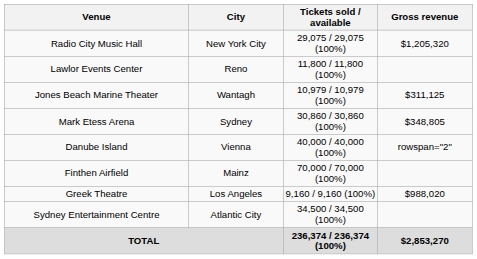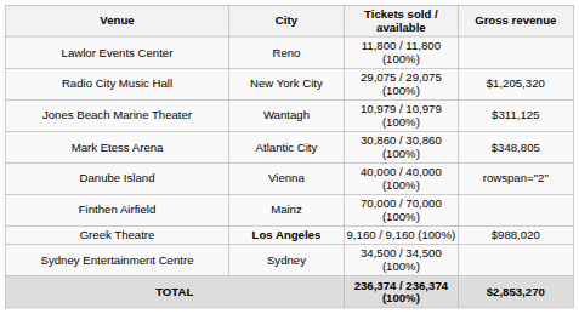 <table class="wikitable" style="text-align:center;">
 <tr>
 <th style="width:300px;">Venue</th>
 <th style="width:150px;">City</th>
 <th style="width:150px;">Tickets sold / available</th>
 <th style="width:150px;">Gross revenue</th>
 </tr>
 <tr>
+<td>Lawlor Events Center</td>
+<td>Reno</td>
+<td>11,800 / 11,800 (100%)</td>
+<td></td>
+</tr>
+<tr>
 <td>Radio City Music Hall</td>
 <td>New York City</td>
 <td>29,075 / 29,075 (100%)</td>
 <td>$1,205,320</td>
-</tr>
-<tr>
-<td>Lawlor Events Center</td>
-<td>Reno</td>
-<td>11,800 / 11,800 (100%)</td>
-<td></td>
 </tr>
 <tr>
 <td>Jones Beach Marine Theater</td>
 <td>Wantagh</td>
 <td>10,979 / 10,979 (100%)</td>
 <td>$311,125</td>
 </tr>
 <tr>
 <td>Mark Etess Arena</td>
-<td>Sydney</td>
+<td>Atlantic City</td>
 <td>30,860 / 30,860 (100%)</td>
 <td>$348,805</td>
 </tr>
 <tr>
 <td>Danube Island</td>
 <td>Vienna</td>
 <td>40,000 / 40,000 (100%)</td>
 <td>rowspan="2" </td>
 </tr>
 <tr>
 <td>Finthen Airfield</td>
 <td>Mainz</td>
 <td>70,000 / 70,000 (100%)</td>
 </tr>
 <tr>
 <td>Greek Theatre</td>
-<td>Los Angeles</td>
+<td><strong>Los Angeles</strong></td>
 <td>9,160 / 9,160 (100%)</td>
 <td>$988,020</td>
 </tr>
 <tr>
 <td>Sydney Entertainment Centre</td>
-<td>Atlantic City</td>
+<td>Sydney</td>
 <td>34,500 / 34,500 (100%)</td>
 <td></td>
 </tr>
 <tr style="background:#ddd;">
 <td colspan="2" align="center"><strong>TOTAL</strong></td>
 <td align="center"><strong>236,374 / 236,374 (100%)</strong></td>
 <td align="center"><strong>$2,853,270</strong></td>
 </tr>
 </table>
